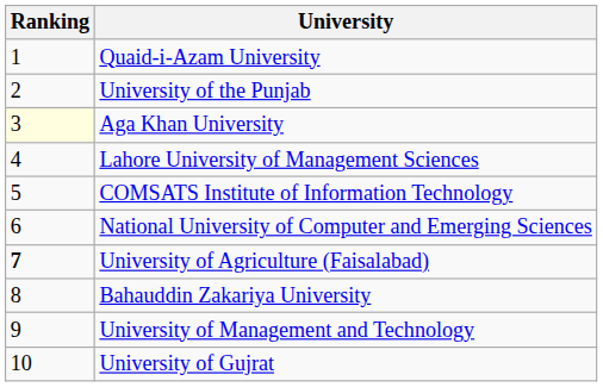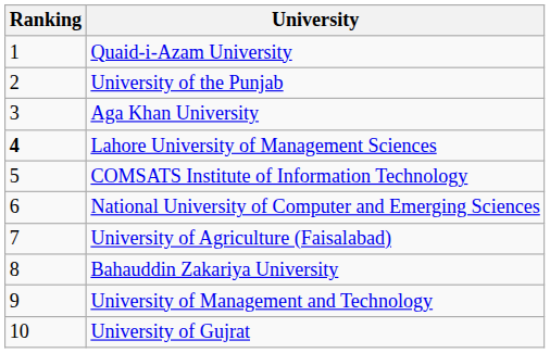 <table class="wikitable sortable" style = "text-align: centre;">
 <tr>
 <th>Ranking</th>
 <th>University</th>
 </tr>
 <tr>
 <td>1</td>
 <td><a href='#'>Quaid-i-Azam University</a></td>
 </tr>
 <tr>
 <td>2</td>
 <td><a href='#'>University of the Punjab</a></td>
 </tr>
 <tr>
-<td style="background: lightyellow;">3</td>
+<td>3</td>
 <td><a href='#'>Aga Khan University</a></td>
 </tr>
 <tr>
-<td>4</td>
+<td><strong>4</strong></td>
 <td><a href='#'>Lahore University of Management Sciences</a></td>
 </tr>
 <tr>
 <td>5</td>
 <td><a href='#'>COMSATS Institute of Information Technology</a></td>
 </tr>
 <tr>
 <td>6</td>
 <td><a href='#'>National University of Computer and Emerging Sciences</a></td>
 </tr>
 <tr>
-<td><strong>7</strong></td>
+<td>7</td>
 <td><a href='#'>University of Agriculture (Faisalabad)</a></td>
 </tr>
 <tr>
 <td>8</td>
 <td><a href='#'>Bahauddin Zakariya University</a></td>
 </tr>
 <tr>
 <td>9</td>
 <td><a href='#'>University of Management and Technology</a></td>
 </tr>
 <tr>
 <td>10</td>
 <td><a href='#'>University of Gujrat</a></td>
 </tr>
 </table>
